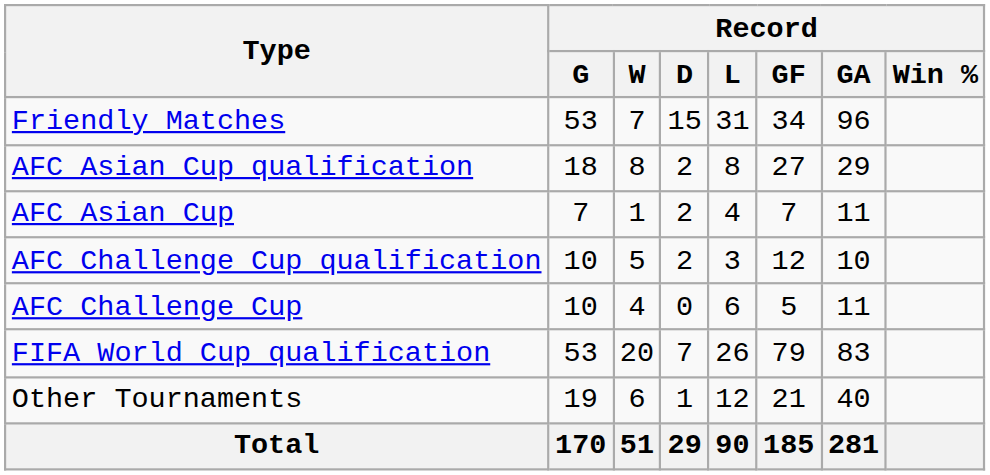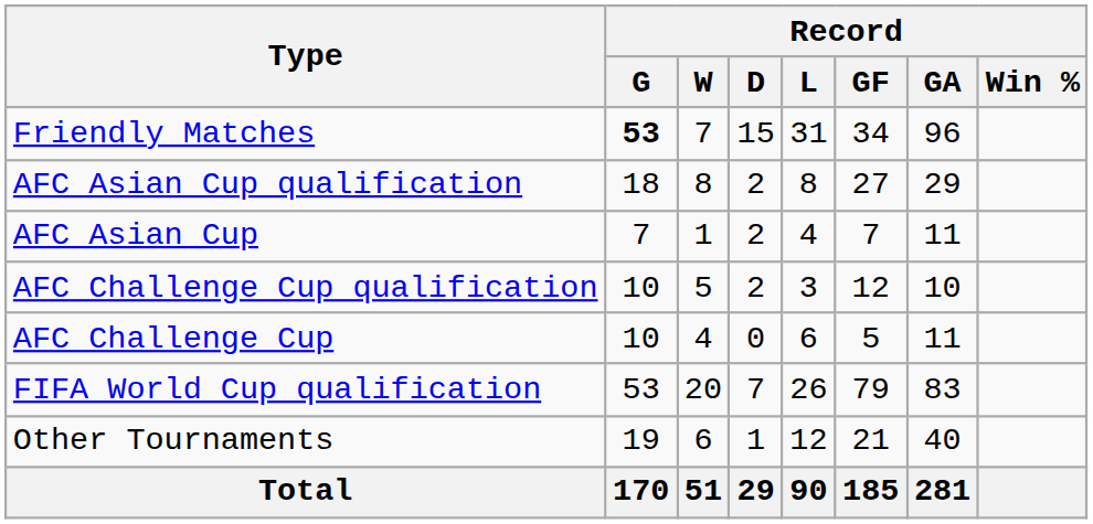 <table class="wikitable" style="text-align: center">
 <tr>
 <th rowspan="2">Type</th>
 <th colspan="8">Record</th>
 </tr>
 <tr>
 <th>G</th>
 <th>W</th>
 <th>D</th>
 <th>L</th>
 <th>GF</th>
 <th>GA</th>
 <th>Win %</th>
 </tr>
 <tr>
 <td align=left><a href='#'>Friendly Matches</a></td>
-<td>53</td>
+<td><strong>53</strong></td>
 <td>7</td>
 <td>15</td>
 <td>31</td>
 <td>34</td>
 <td>96</td>
 <td></td>
 </tr>
 <tr>
 <td align=left><a href='#'>AFC Asian Cup qualification</a></td>
 <td>18</td>
 <td>8</td>
 <td>2</td>
 <td>8</td>
 <td>27</td>
 <td>29</td>
 <td></td>
 </tr>
 <tr>
 <td align=left><a href='#'>AFC Asian Cup</a></td>
 <td>7</td>
 <td>1</td>
 <td>2</td>
 <td>4</td>
 <td>7</td>
 <td>11</td>
 <td></td>
 </tr>
 <tr>
 <td align=left><a href='#'>AFC Challenge Cup qualification</a></td>
 <td>10</td>
 <td>5</td>
 <td>2</td>
 <td>3</td>
 <td>12</td>
 <td>10</td>
 <td></td>
 </tr>
 <tr>
 <td align=left><a href='#'>AFC Challenge Cup</a></td>
 <td>10</td>
 <td>4</td>
 <td>0</td>
 <td>6</td>
 <td>5</td>
 <td>11</td>
 <td></td>
 </tr>
 <tr>
 <td align=left><a href='#'>FIFA World Cup qualification</a></td>
 <td>53</td>
 <td>20</td>
 <td>7</td>
 <td>26</td>
 <td>79</td>
 <td>83</td>
 <td></td>
 </tr>
 <tr>
 <td align=left>Other Tournaments</td>
 <td>19</td>
 <td>6</td>
 <td>1</td>
 <td>12</td>
 <td>21</td>
 <td>40</td>
 <td></td>
 </tr>
 <tr>
 <th align=center colspan="1">Total</th>
 <th>170</th>
 <th>51</th>
 <th>29</th>
 <th>90</th>
 <th>185</th>
 <th>281</th>
 <th></th>
 </tr>
 </table>
